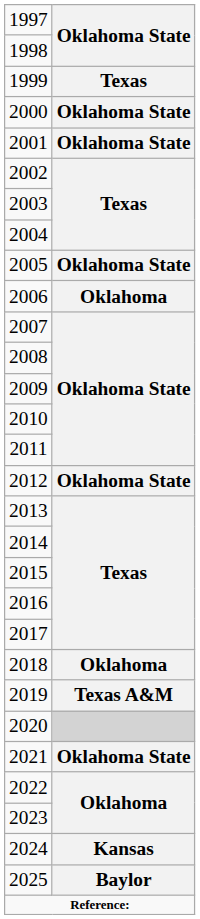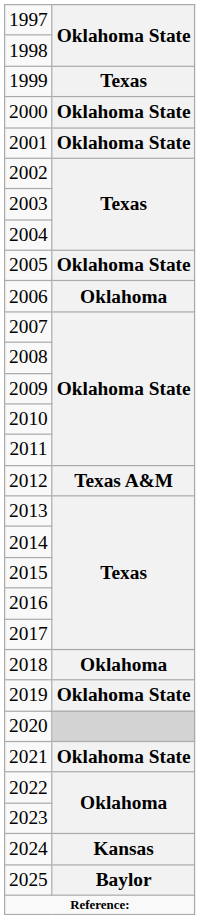 <table class="wikitable" style="text-align: center;">
 <tr>
 <td>1997</td>
 <th rowspan="2">Oklahoma State</th>
 </tr>
 <tr>
 <td>1998</td>
 </tr>
 <tr>
 <td>1999</td>
 <th>Texas</th>
 </tr>
 <tr>
 <td>2000</td>
 <th>Oklahoma State</th>
 </tr>
 <tr>
 <td>2001</td>
 <th>Oklahoma State</th>
 </tr>
 <tr>
 <td>2002</td>
 <th rowspan="3">Texas</th>
 </tr>
 <tr>
 <td>2003</td>
 </tr>
 <tr>
 <td>2004</td>
 </tr>
 <tr>
 <td>2005</td>
 <th>Oklahoma State</th>
 </tr>
 <tr>
 <td>2006</td>
 <th>Oklahoma</th>
 </tr>
 <tr>
 <td>2007</td>
 <th rowspan="5">Oklahoma State</th>
 </tr>
 <tr>
 <td>2008</td>
 </tr>
 <tr>
 <td>2009</td>
 </tr>
 <tr>
 <td>2010</td>
 </tr>
 <tr>
 <td>2011</td>
 </tr>
 <tr>
 <td>2012</td>
-<th>Oklahoma State</th>
+<th>Texas A&M</th>
 </tr>
 <tr>
 <td>2013</td>
 <th rowspan="5">Texas</th>
 </tr>
 <tr>
 <td>2014</td>
 </tr>
 <tr>
 <td>2015</td>
 </tr>
 <tr>
 <td>2016</td>
 </tr>
 <tr>
 <td>2017</td>
 </tr>
 <tr>
 <td>2018</td>
 <th>Oklahoma</th>
 </tr>
 <tr>
 <td>2019</td>
-<th>Texas A&M</th>
+<th>Oklahoma State</th>
 </tr>
 <tr>
 <td>2020</td>
 <td bgcolor="#d3d3d3"></td>
 </tr>
 <tr>
 <td>2021</td>
 <th>Oklahoma State</th>
 </tr>
 <tr>
 <td>2022</td>
 <th rowspan="2">Oklahoma</th>
 </tr>
 <tr>
 <td>2023</td>
 </tr>
 <tr>
 <td>2024</td>
 <th>Kansas</th>
 </tr>
 <tr>
 <td>2025</td>
 <th>Baylor</th>
 </tr>
 <tr>
 <td colspan="4"  style="font-size:8pt; text-align:center;"><strong>Reference:</strong></td>
 </tr>
 </table>
